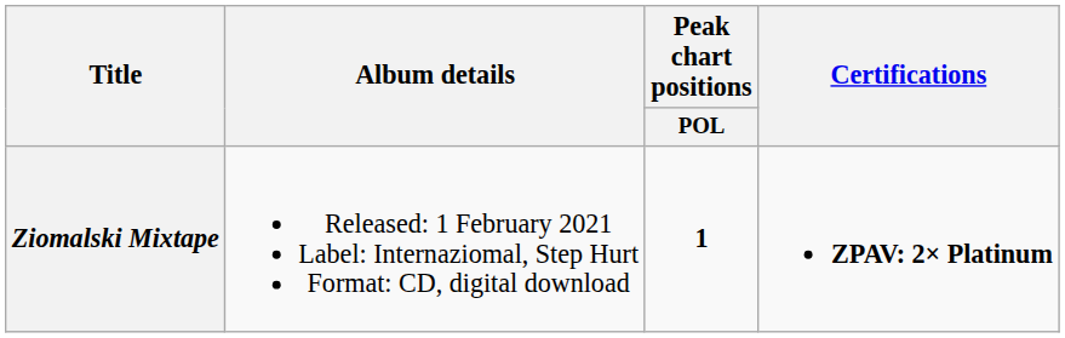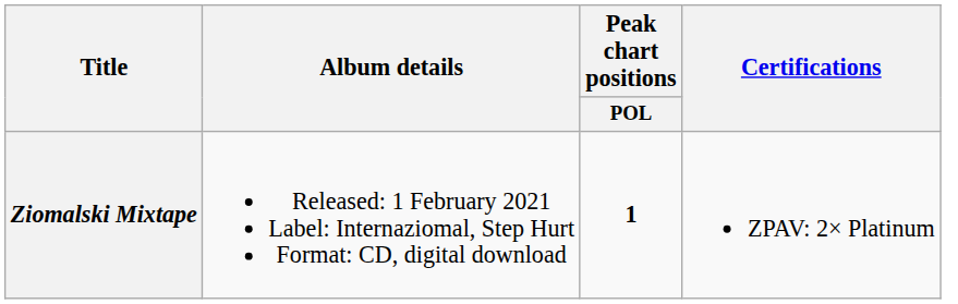 <table class="wikitable plainrowheaders" style="text-align:center;">
 <tr>
 <th rowspan=2>Title</th>
 <th rowspan=2>Album details</th>
 <th>Peak chart positions</th>
 <th rowspan=2><a href='#'>Certifications</a></th>
 </tr>
 <tr>
 <th scope="col" style="width:3em;font-size:85%;">POL</th>
 </tr>
 <tr>
 <th scope="row"><em>Ziomalski Mixtape</em></th>
 <td><br><ul><li>Released: 1 February 2021</li><li>Label: Internaziomal, Step Hurt</li><li>Format: CD, digital download</li></ul></td>
 <td><strong>1</strong></td>
-<td><strong><br><ul><li>ZPAV: 2× Platinum</li></ul></strong></td>
+<td><br><ul><li>ZPAV: 2× Platinum</li></ul></td>
 </tr>
 </table>
